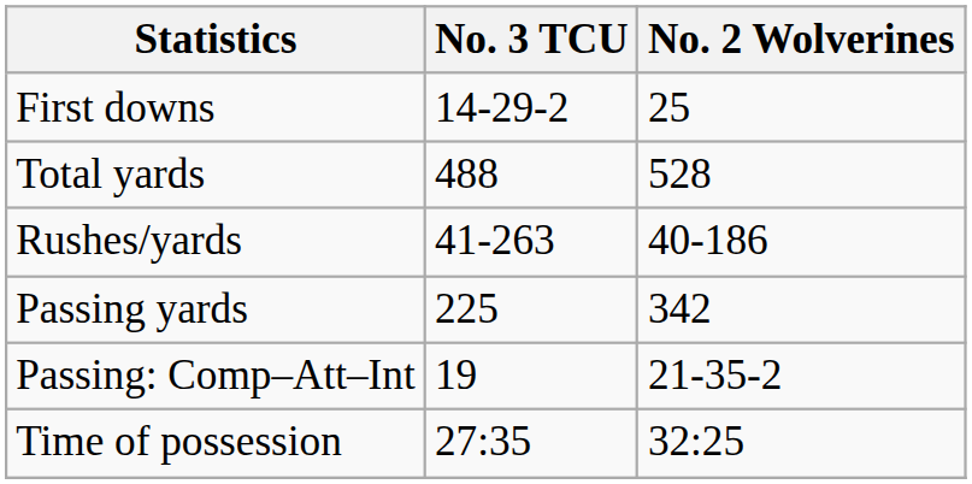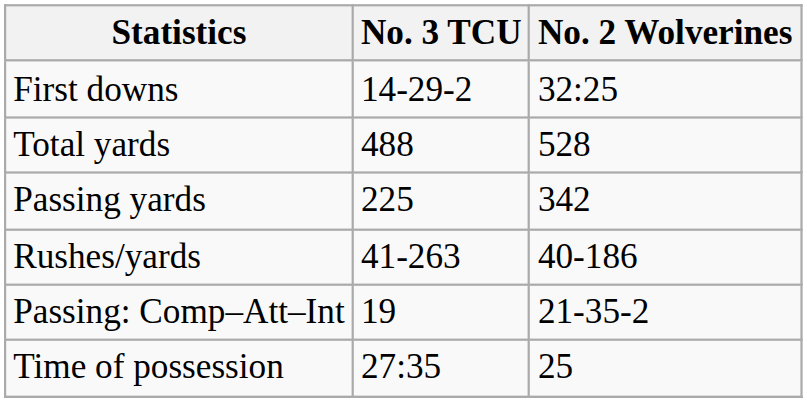 <table class="wikitable" style="float: left;">
 <tr>
 <th>Statistics</th>
 <th>No. 3 TCU</th>
 <th>No. 2 Wolverines</th>
 </tr>
 <tr>
 <td>First downs</td>
 <td>14-29-2</td>
-<td>25</td>
+<td>32:25</td>
 </tr>
 <tr>
 <td>Total yards</td>
 <td>488</td>
 <td>528</td>
 </tr>
 <tr>
+<td>Passing yards</td>
+<td>225</td>
+<td>342</td>
+</tr>
+<tr>
 <td>Rushes/yards</td>
 <td>41-263</td>
 <td>40-186</td>
-</tr>
-<tr>
-<td>Passing yards</td>
-<td>225</td>
-<td>342</td>
 </tr>
 <tr>
 <td>Passing: Comp–Att–Int</td>
 <td>19</td>
 <td>21-35-2</td>
 </tr>
 <tr>
 <td>Time of possession</td>
 <td>27:35</td>
-<td>32:25</td>
+<td>25</td>
 </tr>
 <tr>
 </tr>
 </table>
